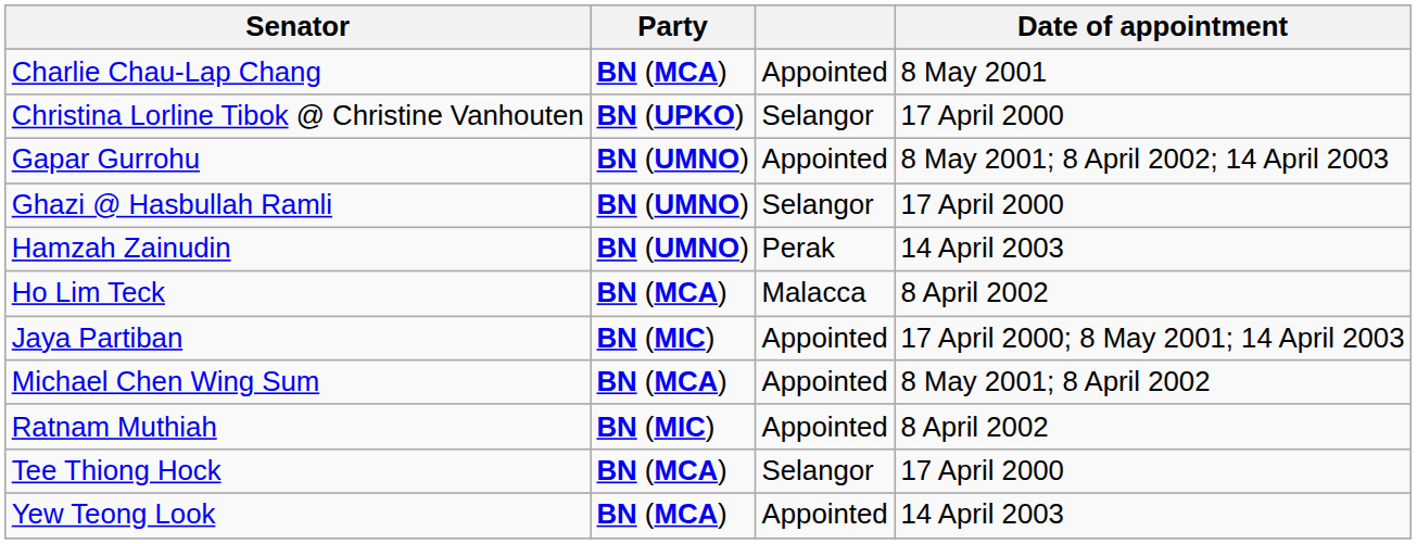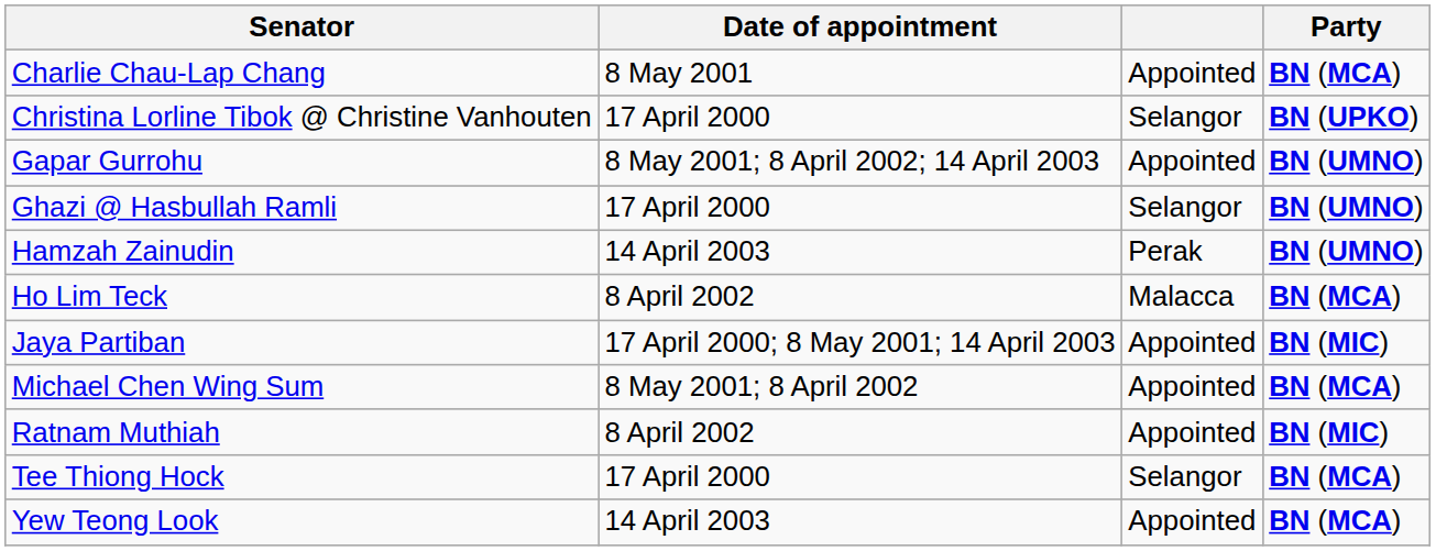 <table class="wikitable sortable">
 <tr>
 <th>Senator</th>
+<th>Date of appointment</th>
+<th></th>
 <th>Party</th>
-<th></th>
-<th>Date of appointment</th>
 </tr>
 <tr>
 <td><a href='#'>Charlie Chau-Lap Chang</a></td>
+<td>8 May 2001</td>
+<td>Appointed</td>
 <td><strong><a href='#'>BN</a></strong> (<strong><a href='#'>MCA</a></strong>)</td>
-<td>Appointed</td>
-<td>8 May 2001</td>
 </tr>
 <tr>
 <td><a href='#'>Christina Lorline Tibok</a> @ Christine Vanhouten</td>
+<td>17 April 2000</td>
+<td>Selangor</td>
 <td><strong><a href='#'>BN</a></strong> (<strong><a href='#'>UPKO</a></strong>)</td>
-<td>Selangor</td>
-<td>17 April 2000</td>
 </tr>
 <tr>
 <td><a href='#'>Gapar Gurrohu</a></td>
+<td>8 May 2001; 8 April 2002; 14 April 2003</td>
+<td>Appointed</td>
 <td><strong><a href='#'>BN</a></strong> (<strong><a href='#'>UMNO</a></strong>)</td>
-<td>Appointed</td>
-<td>8 May 2001; 8 April 2002; 14 April 2003</td>
 </tr>
 <tr>
 <td><a href='#'>Ghazi @ Hasbullah Ramli</a></td>
+<td>17 April 2000</td>
+<td>Selangor</td>
 <td><strong><a href='#'>BN</a></strong> (<strong><a href='#'>UMNO</a></strong>)</td>
-<td>Selangor</td>
-<td>17 April 2000</td>
 </tr>
 <tr>
 <td><a href='#'>Hamzah Zainudin</a></td>
+<td>14 April 2003</td>
+<td>Perak</td>
 <td><strong><a href='#'>BN</a></strong> (<strong><a href='#'>UMNO</a></strong>)</td>
-<td>Perak</td>
-<td>14 April 2003</td>
 </tr>
 <tr>
 <td><a href='#'>Ho Lim Teck</a></td>
+<td>8 April 2002</td>
+<td>Malacca</td>
 <td><strong><a href='#'>BN</a></strong> (<strong><a href='#'>MCA</a></strong>)</td>
-<td>Malacca</td>
-<td>8 April 2002</td>
 </tr>
 <tr>
 <td><a href='#'>Jaya Partiban</a></td>
+<td>17 April 2000; 8 May 2001; 14 April 2003</td>
+<td>Appointed</td>
 <td><strong><a href='#'>BN</a></strong> (<strong><a href='#'>MIC</a></strong>)</td>
-<td>Appointed</td>
-<td>17 April 2000; 8 May 2001; 14 April 2003</td>
 </tr>
 <tr>
 <td><a href='#'>Michael Chen Wing Sum</a></td>
+<td>8 May 2001; 8 April 2002</td>
+<td>Appointed</td>
 <td><strong><a href='#'>BN</a></strong> (<strong><a href='#'>MCA</a></strong>)</td>
-<td>Appointed</td>
-<td>8 May 2001; 8 April 2002</td>
 </tr>
 <tr>
 <td><a href='#'>Ratnam Muthiah</a></td>
+<td>8 April 2002</td>
+<td>Appointed</td>
 <td><strong><a href='#'>BN</a></strong> (<strong><a href='#'>MIC</a></strong>)</td>
-<td>Appointed</td>
-<td>8 April 2002</td>
 </tr>
 <tr>
 <td><a href='#'>Tee Thiong Hock</a></td>
+<td>17 April 2000</td>
+<td>Selangor</td>
 <td><strong><a href='#'>BN</a></strong> (<strong><a href='#'>MCA</a></strong>)</td>
-<td>Selangor</td>
-<td>17 April 2000</td>
 </tr>
 <tr>
 <td><a href='#'>Yew Teong Look</a></td>
+<td>14 April 2003</td>
+<td>Appointed</td>
 <td><strong><a href='#'>BN</a></strong> (<strong><a href='#'>MCA</a></strong>)</td>
-<td>Appointed</td>
-<td>14 April 2003</td>
 </tr>
 </table>
